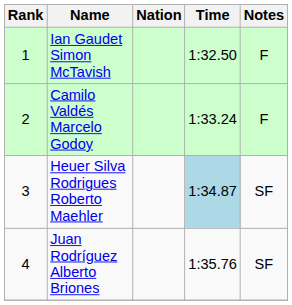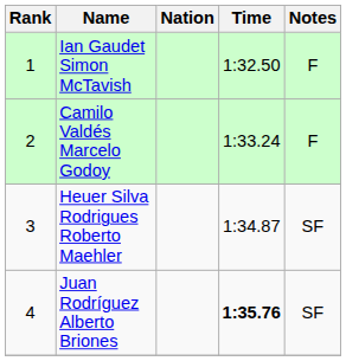 <table class="wikitable sortable" style="text-align:center" width=50%>
 <tr>
 <th>Rank</th>
 <th>Name</th>
 <th>Nation</th>
 <th>Time</th>
 <th>Notes</th>
 </tr>
 <tr bgcolor=ccffcc>
 <td>1</td>
 <td align=left><a href='#'>Ian Gaudet</a><br><a href='#'>Simon McTavish</a></td>
 <td align=left></td>
 <td>1:32.50</td>
 <td>F</td>
 </tr>
 <tr bgcolor=ccffcc>
 <td>2</td>
 <td align=left><a href='#'>Camilo Valdés</a><br><a href='#'>Marcelo Godoy</a></td>
 <td align=left></td>
 <td>1:33.24</td>
 <td>F</td>
 </tr>
 <tr>
 <td>3</td>
 <td align=left><a href='#'>Heuer Silva Rodrigues</a><br><a href='#'>Roberto Maehler</a></td>
 <td align=left></td>
-<td style="background: lightblue;">1:34.87</td>
+<td>1:34.87</td>
 <td>SF</td>
 </tr>
 <tr>
 <td>4</td>
 <td align=left><a href='#'>Juan Rodríguez</a><br><a href='#'>Alberto Briones</a></td>
 <td align=left></td>
-<td>1:35.76</td>
+<td><strong>1:35.76</strong></td>
 <td>SF</td>
 </tr>
 <tr>
 </tr>
 </table>
